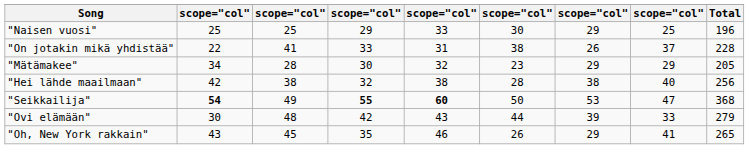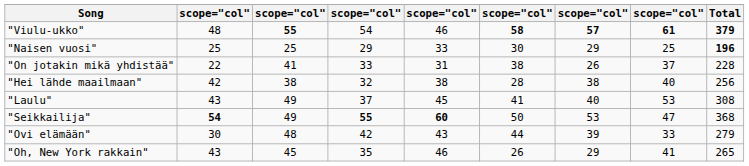 <table class="wikitable plainrowheaders" style="margin: 1em auto 1em auto; text-align:center;">
 <tr>
 </tr>
 <tr>
 <th scope="col">Song</th>
 <th>scope="col" </th>
 <th>scope="col" </th>
 <th>scope="col" </th>
 <th>scope="col" </th>
 <th>scope="col" </th>
 <th>scope="col" </th>
 <th>scope="col" </th>
 <th scope="col">Total</th>
 </tr>
 <tr>
+<td align="left">"Viulu-ukko"</td>
+<td>48</td>
+<td><strong>55</strong></td>
+<td>54</td>
+<td>46</td>
+<td><strong>58</strong></td>
+<td><strong>57</strong></td>
+<td><strong>61</strong></td>
+<td><strong>379</strong></td>
+</tr>
+<tr>
 <td align="left">"Naisen vuosi"</td>
 <td>25</td>
 <td>25</td>
 <td>29</td>
 <td>33</td>
 <td>30</td>
 <td>29</td>
 <td>25</td>
-<td>196</td>
+<td><strong>196</strong></td>
 </tr>
 <tr>
 <td align="left">"On jotakin mikä yhdistää"</td>
 <td>22</td>
 <td>41</td>
 <td>33</td>
 <td>31</td>
 <td>38</td>
 <td>26</td>
 <td>37</td>
 <td>228</td>
 </tr>
 <tr>
-<td align="left">"Mätämakee"</td>
-<td>34</td>
-<td>28</td>
-<td>30</td>
-<td>32</td>
-<td>23</td>
-<td>29</td>
-<td>29</td>
-<td>205</td>
-</tr>
-<tr>
 <td align="left">"Hei lähde maailmaan"</td>
 <td>42</td>
 <td>38</td>
 <td>32</td>
 <td>38</td>
 <td>28</td>
 <td>38</td>
 <td>40</td>
 <td>256</td>
+</tr>
+<tr>
+<td align="left">"Laulu"</td>
+<td>43</td>
+<td>49</td>
+<td>37</td>
+<td>45</td>
+<td>41</td>
+<td>40</td>
+<td>53</td>
+<td>308</td>
 </tr>
 <tr>
 <td align="left">"Seikkailija"</td>
 <td><strong>54</strong></td>
 <td>49</td>
 <td><strong>55</strong></td>
 <td><strong>60</strong></td>
 <td>50</td>
 <td>53</td>
 <td>47</td>
 <td>368</td>
 </tr>
 <tr>
 <td align="left">"Ovi elämään"</td>
 <td>30</td>
 <td>48</td>
 <td>42</td>
 <td>43</td>
 <td>44</td>
 <td>39</td>
 <td>33</td>
 <td>279</td>
 </tr>
 <tr>
 <td align="left">"Oh, New York rakkain"</td>
 <td>43</td>
 <td>45</td>
 <td>35</td>
 <td>46</td>
 <td>26</td>
 <td>29</td>
 <td>41</td>
 <td>265</td>
 </tr>
 </table>
